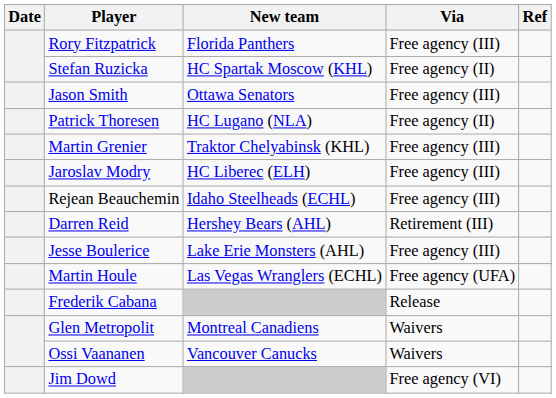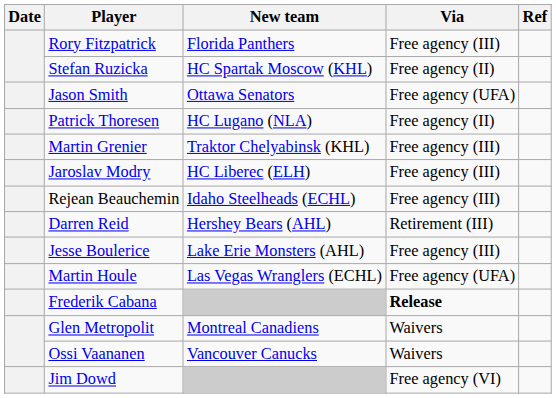 <table class="wikitable plainrowheaders">
 <tr style="background:#ddd; text-align:center;">
 <th>Date</th>
 <th>Player</th>
 <th>New team</th>
 <th>Via</th>
 <th>Ref</th>
 </tr>
 <tr>
 <th scope="row" rowspan=2></th>
 <td><a href='#'>Rory Fitzpatrick</a></td>
 <td><a href='#'>Florida Panthers</a></td>
 <td>Free agency (III)</td>
 <td></td>
 </tr>
 <tr>
 <td><a href='#'>Stefan Ruzicka</a></td>
 <td><a href='#'>HC Spartak Moscow</a> (<a href='#'>KHL</a>)</td>
 <td>Free agency (II)</td>
 <td></td>
 </tr>
 <tr>
 <th scope="row"></th>
 <td><a href='#'>Jason Smith</a></td>
 <td><a href='#'>Ottawa Senators</a></td>
-<td>Free agency (III)</td>
+<td>Free agency (UFA)</td>
 <td></td>
 </tr>
 <tr>
 <th scope="row"></th>
 <td><a href='#'>Patrick Thoresen</a></td>
 <td><a href='#'>HC Lugano</a> (<a href='#'>NLA</a>)</td>
 <td>Free agency (II)</td>
 <td></td>
 </tr>
 <tr>
 <th scope="row"></th>
 <td><a href='#'>Martin Grenier</a></td>
 <td><a href='#'>Traktor Chelyabinsk</a> (KHL)</td>
 <td>Free agency (III)</td>
 <td></td>
 </tr>
 <tr>
 <th scope="row"></th>
 <td><a href='#'>Jaroslav Modry</a></td>
 <td><a href='#'>HC Liberec</a> (<a href='#'>ELH</a>)</td>
 <td>Free agency (III)</td>
 <td></td>
 </tr>
 <tr>
 <th scope="row"></th>
 <td>Rejean Beauchemin</td>
 <td><a href='#'>Idaho Steelheads</a> (<a href='#'>ECHL</a>)</td>
 <td>Free agency (III)</td>
 <td></td>
 </tr>
 <tr>
 <th scope="row"></th>
 <td><a href='#'>Darren Reid</a></td>
 <td><a href='#'>Hershey Bears</a> (<a href='#'>AHL</a>)</td>
 <td>Retirement (III)</td>
 <td></td>
 </tr>
 <tr>
 <th scope="row"></th>
 <td><a href='#'>Jesse Boulerice</a></td>
 <td><a href='#'>Lake Erie Monsters</a> (AHL)</td>
 <td>Free agency (III)</td>
 <td></td>
 </tr>
 <tr>
 <th scope="row"></th>
 <td><a href='#'>Martin Houle</a></td>
 <td><a href='#'>Las Vegas Wranglers</a> (ECHL)</td>
 <td>Free agency (UFA)</td>
 <td></td>
 </tr>
 <tr>
 <th scope="row"></th>
 <td><a href='#'>Frederik Cabana</a></td>
 <td style="background:#ccc"></td>
-<td>Release</td>
+<td><strong>Release</strong></td>
 <td></td>
 </tr>
 <tr>
 <th scope="row" rowspan=2></th>
 <td><a href='#'>Glen Metropolit</a></td>
 <td><a href='#'>Montreal Canadiens</a></td>
 <td>Waivers</td>
 <td></td>
 </tr>
 <tr>
 <td><a href='#'>Ossi Vaananen</a></td>
 <td><a href='#'>Vancouver Canucks</a></td>
 <td>Waivers</td>
 <td></td>
 </tr>
 <tr>
 <th scope="row"></th>
 <td><a href='#'>Jim Dowd</a></td>
 <td style="background:#ccc"></td>
 <td>Free agency (VI)</td>
 <td></td>
 </tr>
 </table>
